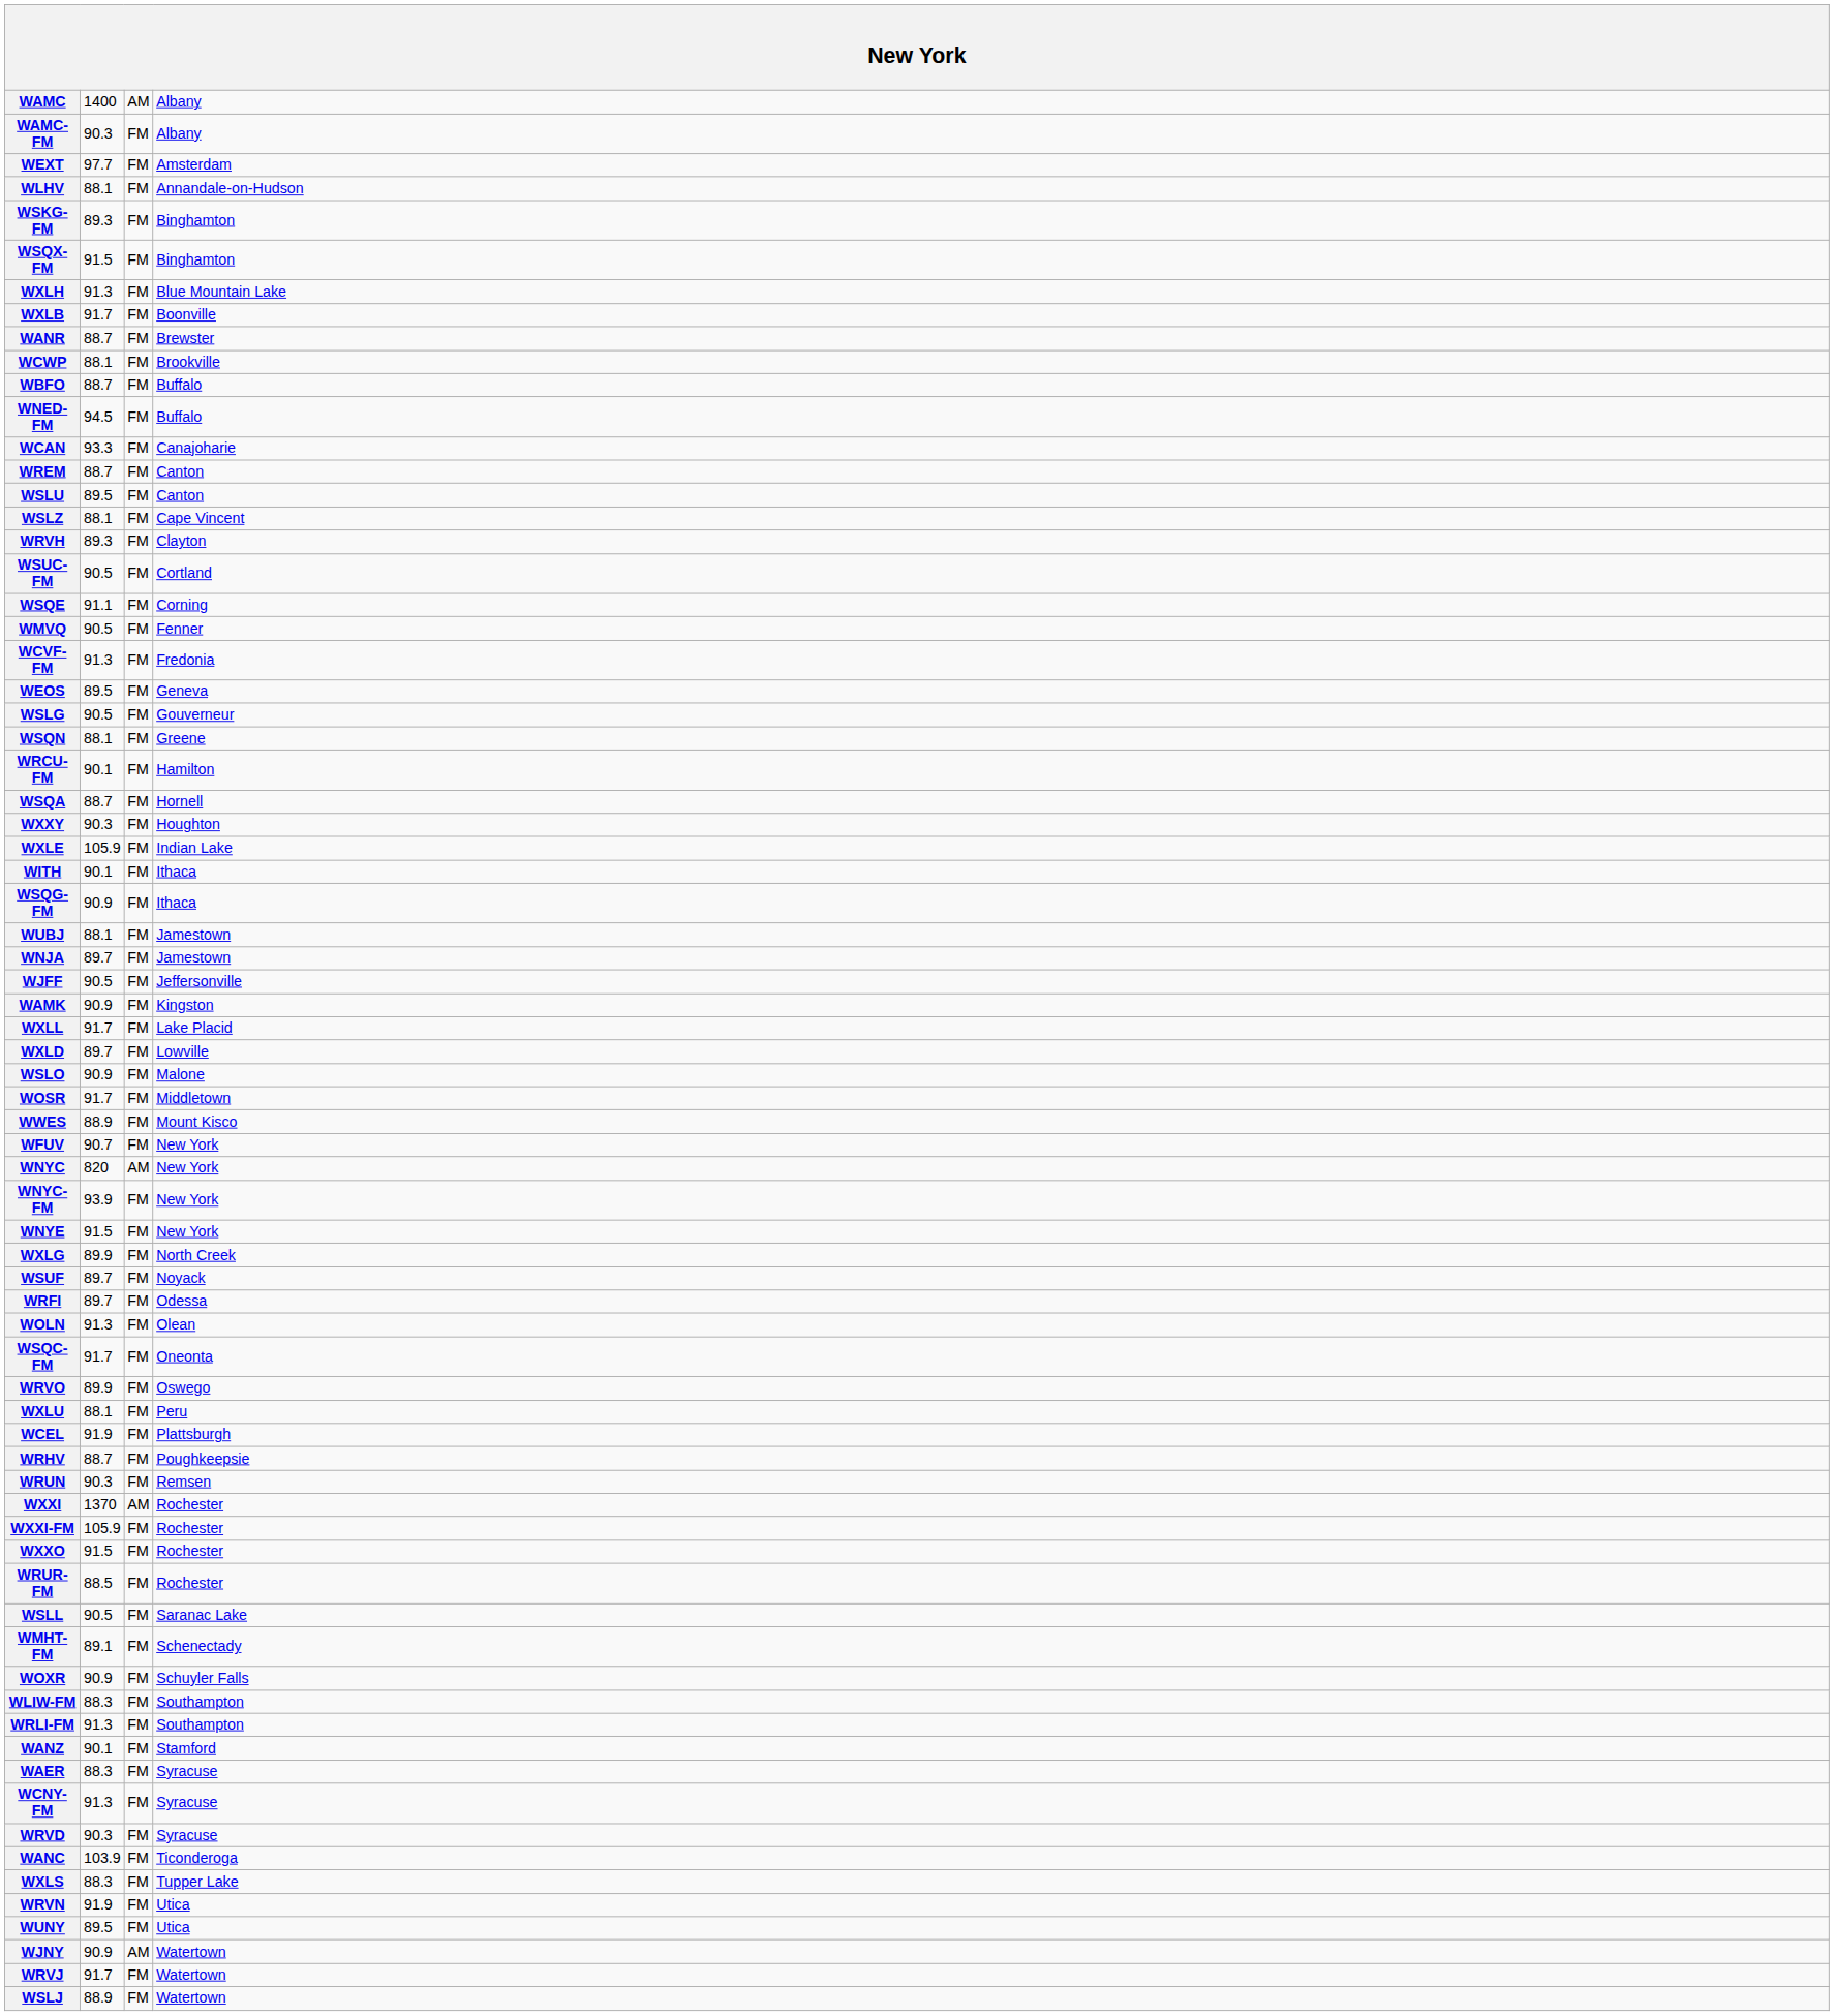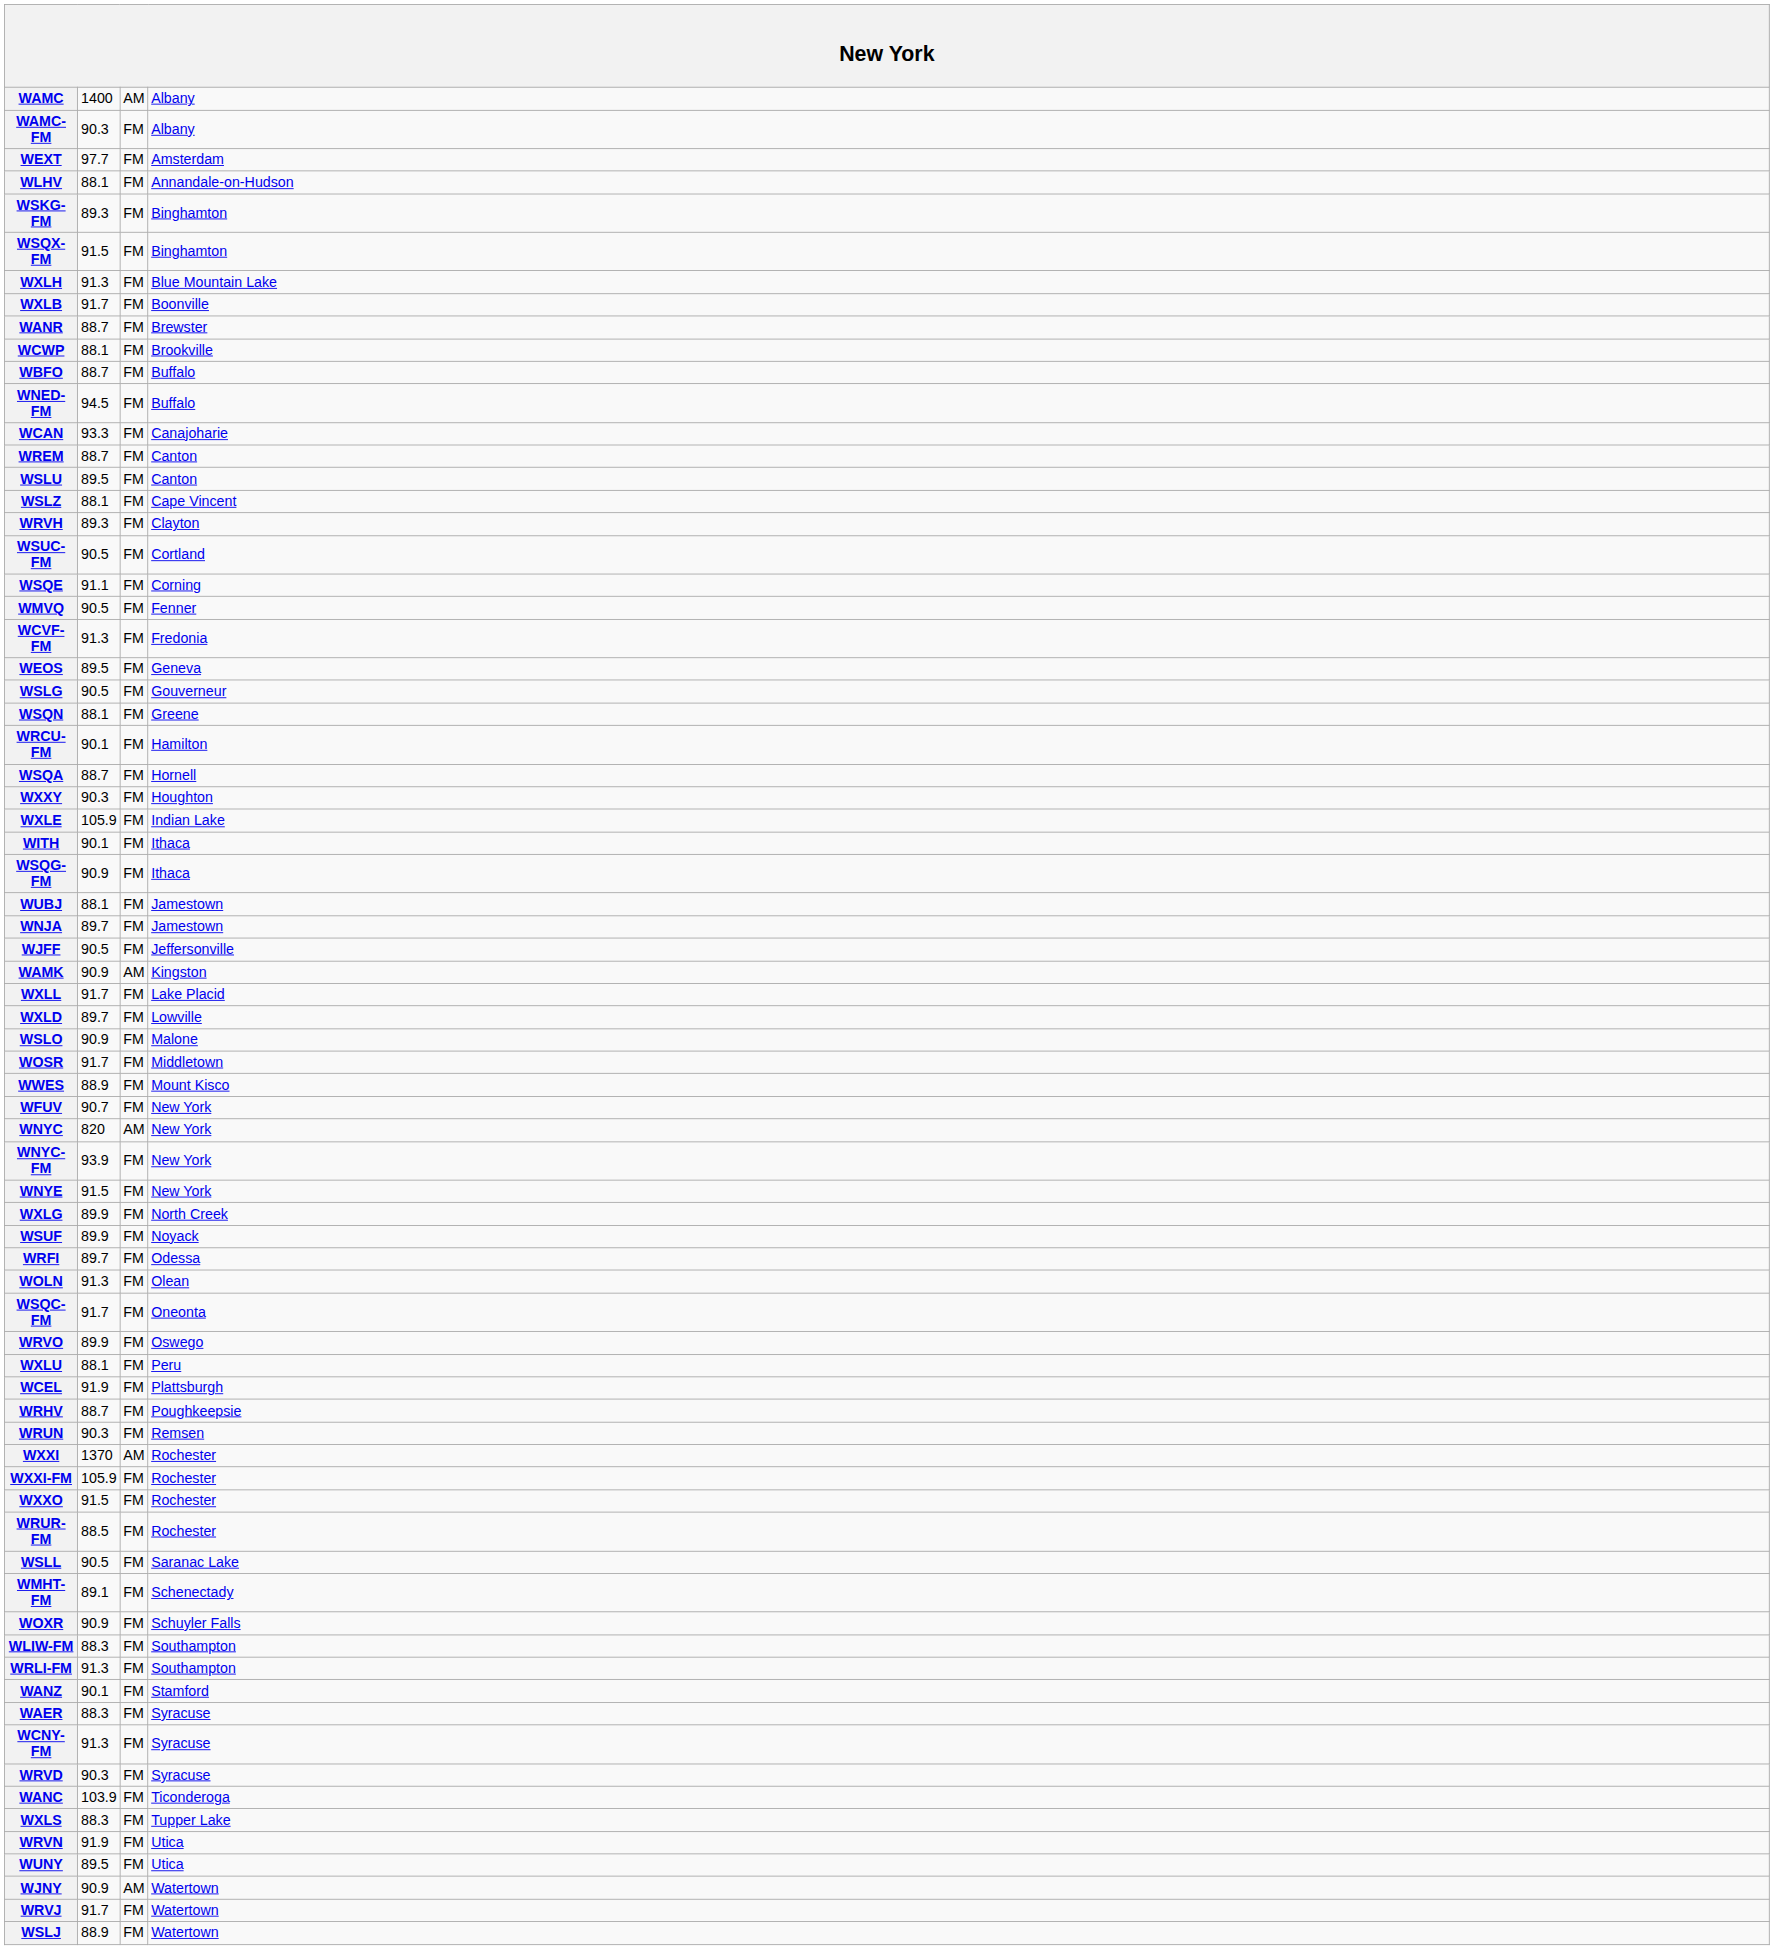 <table class="wikitable mw-collapsible" style="width:100%">
 <tr>
 <th scope="col" colspan="4"><br><h2>New York</h2></th>
 </tr>
 <tr>
 <th scope="row" style="width: 75px;"><a href='#'>WAMC</a></th>
 <td style="width: 40px;">1400</td>
 <td style="width: 21px;">AM</td>
 <td><a href='#'>Albany</a></td>
 </tr>
 <tr>
 <th scope="row"><a href='#'>WAMC-FM</a></th>
 <td>90.3</td>
 <td>FM</td>
 <td><a href='#'>Albany</a></td>
 </tr>
 <tr>
 <th scope="row"><a href='#'>WEXT</a></th>
 <td>97.7</td>
 <td>FM</td>
 <td><a href='#'>Amsterdam</a></td>
 </tr>
 <tr>
 <th scope="row"><a href='#'>WLHV</a></th>
 <td>88.1</td>
 <td>FM</td>
 <td><a href='#'>Annandale-on-Hudson</a></td>
 </tr>
 <tr>
 <th scope="row"><a href='#'>WSKG-FM</a></th>
 <td>89.3</td>
 <td>FM</td>
 <td><a href='#'>Binghamton</a></td>
 </tr>
 <tr>
 <th scope="row"><a href='#'>WSQX-FM</a></th>
 <td>91.5</td>
 <td>FM</td>
 <td><a href='#'>Binghamton</a></td>
 </tr>
 <tr>
 <th scope="row"><a href='#'>WXLH</a></th>
 <td>91.3</td>
 <td>FM</td>
 <td><a href='#'>Blue Mountain Lake</a></td>
 </tr>
 <tr>
 <th scope="row"><a href='#'>WXLB</a></th>
 <td>91.7</td>
 <td>FM</td>
 <td><a href='#'>Boonville</a></td>
 </tr>
 <tr>
 <th scope="row"><a href='#'>WANR</a></th>
 <td>88.7</td>
 <td>FM</td>
 <td><a href='#'>Brewster</a></td>
 </tr>
 <tr>
 <th scope="row"><a href='#'>WCWP</a></th>
 <td>88.1</td>
 <td>FM</td>
 <td><a href='#'>Brookville</a></td>
 </tr>
 <tr>
 <th scope="row"><a href='#'>WBFO</a></th>
 <td>88.7</td>
 <td>FM</td>
 <td><a href='#'>Buffalo</a></td>
 </tr>
 <tr>
 <th scope="row"><a href='#'>WNED-FM</a></th>
 <td>94.5</td>
 <td>FM</td>
 <td><a href='#'>Buffalo</a></td>
 </tr>
 <tr>
 <th scope="row"><a href='#'>WCAN</a></th>
 <td>93.3</td>
 <td>FM</td>
 <td><a href='#'>Canajoharie</a></td>
 </tr>
 <tr>
 <th scope="row"><a href='#'>WREM</a></th>
 <td>88.7</td>
 <td>FM</td>
 <td><a href='#'>Canton</a></td>
 </tr>
 <tr>
 <th scope="row"><a href='#'>WSLU</a></th>
 <td>89.5</td>
 <td>FM</td>
 <td><a href='#'>Canton</a></td>
 </tr>
 <tr>
 <th scope="row"><a href='#'>WSLZ</a></th>
 <td>88.1</td>
 <td>FM</td>
 <td><a href='#'>Cape Vincent</a></td>
 </tr>
 <tr>
 <th scope="row"><a href='#'>WRVH</a></th>
 <td>89.3</td>
 <td>FM</td>
 <td><a href='#'>Clayton</a></td>
 </tr>
 <tr>
 <th scope="row"><a href='#'>WSUC-FM</a></th>
 <td>90.5</td>
 <td>FM</td>
 <td><a href='#'>Cortland</a></td>
 </tr>
 <tr>
 <th scope="row"><a href='#'>WSQE</a></th>
 <td>91.1</td>
 <td>FM</td>
 <td><a href='#'>Corning</a></td>
 </tr>
 <tr>
 <th scope="row"><a href='#'>WMVQ</a></th>
 <td>90.5</td>
 <td>FM</td>
 <td><a href='#'>Fenner</a></td>
 </tr>
 <tr>
 <th scope="row"><a href='#'>WCVF-FM</a></th>
 <td>91.3</td>
 <td>FM</td>
 <td><a href='#'>Fredonia</a></td>
 </tr>
 <tr>
 <th scope="row"><a href='#'>WEOS</a></th>
 <td>89.5</td>
 <td>FM</td>
 <td><a href='#'>Geneva</a></td>
 </tr>
 <tr>
 <th scope="row"><a href='#'>WSLG</a></th>
 <td>90.5</td>
 <td>FM</td>
 <td><a href='#'>Gouverneur</a></td>
 </tr>
 <tr>
 <th scope="row"><a href='#'>WSQN</a></th>
 <td>88.1</td>
 <td>FM</td>
 <td><a href='#'>Greene</a></td>
 </tr>
 <tr>
 <th scope="row"><a href='#'>WRCU-FM</a></th>
 <td>90.1</td>
 <td>FM</td>
 <td><a href='#'>Hamilton</a></td>
 </tr>
 <tr>
 <th scope="row"><a href='#'>WSQA</a></th>
 <td>88.7</td>
 <td>FM</td>
 <td><a href='#'>Hornell</a></td>
 </tr>
 <tr>
 <th scope="row"><a href='#'>WXXY</a></th>
 <td>90.3</td>
 <td>FM</td>
 <td><a href='#'>Houghton</a></td>
 </tr>
 <tr>
 <th scope="row"><a href='#'>WXLE</a></th>
 <td>105.9</td>
 <td>FM</td>
 <td><a href='#'>Indian Lake</a></td>
 </tr>
 <tr>
 <th scope="row"><a href='#'>WITH</a></th>
 <td>90.1</td>
 <td>FM</td>
 <td><a href='#'>Ithaca</a></td>
 </tr>
 <tr>
 <th scope="row"><a href='#'>WSQG-FM</a></th>
 <td>90.9</td>
 <td>FM</td>
 <td><a href='#'>Ithaca</a></td>
 </tr>
 <tr>
 <th scope="row"><a href='#'>WUBJ</a></th>
 <td>88.1</td>
 <td>FM</td>
 <td><a href='#'>Jamestown</a></td>
 </tr>
 <tr>
 <th scope="row"><a href='#'>WNJA</a></th>
 <td>89.7</td>
 <td>FM</td>
 <td><a href='#'>Jamestown</a></td>
 </tr>
 <tr>
 <th scope="row"><a href='#'>WJFF</a></th>
 <td>90.5</td>
 <td>FM</td>
 <td><a href='#'>Jeffersonville</a></td>
 </tr>
 <tr>
 <th scope="row"><a href='#'>WAMK</a></th>
 <td>90.9</td>
-<td>FM</td>
+<td>AM</td>
 <td><a href='#'>Kingston</a></td>
 </tr>
 <tr>
 <th scope="row"><a href='#'>WXLL</a></th>
 <td>91.7</td>
 <td>FM</td>
 <td><a href='#'>Lake Placid</a></td>
 </tr>
 <tr>
 <th scope="row"><a href='#'>WXLD</a></th>
 <td>89.7</td>
 <td>FM</td>
 <td><a href='#'>Lowville</a></td>
 </tr>
 <tr>
 <th scope="row"><a href='#'>WSLO</a></th>
 <td>90.9</td>
 <td>FM</td>
 <td><a href='#'>Malone</a></td>
 </tr>
 <tr>
 <th scope="row"><a href='#'>WOSR</a></th>
 <td>91.7</td>
 <td>FM</td>
 <td><a href='#'>Middletown</a></td>
 </tr>
 <tr>
 <th scope="row"><a href='#'>WWES</a></th>
 <td>88.9</td>
 <td>FM</td>
 <td><a href='#'>Mount Kisco</a></td>
 </tr>
 <tr>
 <th scope="row"><a href='#'>WFUV</a></th>
 <td>90.7</td>
 <td>FM</td>
 <td><a href='#'>New York</a></td>
 </tr>
 <tr>
 <th scope="row"><a href='#'>WNYC</a></th>
 <td>820</td>
 <td>AM</td>
 <td><a href='#'>New York</a></td>
 </tr>
 <tr>
 <th scope="row"><a href='#'>WNYC-FM</a></th>
 <td>93.9</td>
 <td>FM</td>
 <td><a href='#'>New York</a></td>
 </tr>
 <tr>
 <th scope="row"><a href='#'>WNYE</a></th>
 <td>91.5</td>
 <td>FM</td>
 <td><a href='#'>New York</a></td>
 </tr>
 <tr>
 <th scope="row"><a href='#'>WXLG</a></th>
 <td>89.9</td>
 <td>FM</td>
 <td><a href='#'>North Creek</a></td>
 </tr>
 <tr>
 <th scope="row"><a href='#'>WSUF</a></th>
-<td>89.7</td>
+<td>89.9</td>
 <td>FM</td>
 <td><a href='#'>Noyack</a></td>
 </tr>
 <tr>
 <th scope="row"><a href='#'>WRFI</a></th>
 <td>89.7</td>
 <td>FM</td>
 <td><a href='#'>Odessa</a></td>
 </tr>
 <tr>
 <th scope="row"><a href='#'>WOLN</a></th>
 <td>91.3</td>
 <td>FM</td>
 <td><a href='#'>Olean</a></td>
 </tr>
 <tr>
 <th scope="row"><a href='#'>WSQC-FM</a></th>
 <td>91.7</td>
 <td>FM</td>
 <td><a href='#'>Oneonta</a></td>
 </tr>
 <tr>
 <th scope="row"><a href='#'>WRVO</a></th>
 <td>89.9</td>
 <td>FM</td>
 <td><a href='#'>Oswego</a></td>
 </tr>
 <tr>
 <th scope="row"><a href='#'>WXLU</a></th>
 <td>88.1</td>
 <td>FM</td>
 <td><a href='#'>Peru</a></td>
 </tr>
 <tr>
 <th scope="row"><a href='#'>WCEL</a></th>
 <td>91.9</td>
 <td>FM</td>
 <td><a href='#'>Plattsburgh</a></td>
 </tr>
 <tr>
 <th scope="row"><a href='#'>WRHV</a></th>
 <td>88.7</td>
 <td>FM</td>
 <td><a href='#'>Poughkeepsie</a></td>
 </tr>
 <tr>
 <th scope="row"><a href='#'>WRUN</a></th>
 <td>90.3</td>
 <td>FM</td>
 <td><a href='#'>Remsen</a></td>
 </tr>
 <tr>
 <th scope="row"><a href='#'>WXXI</a></th>
 <td>1370</td>
 <td>AM</td>
 <td><a href='#'>Rochester</a></td>
 </tr>
 <tr>
 <th scope="row"><a href='#'>WXXI-FM</a></th>
 <td>105.9</td>
 <td>FM</td>
 <td><a href='#'>Rochester</a></td>
 </tr>
 <tr>
 <th scope="row"><a href='#'>WXXO</a></th>
 <td>91.5</td>
 <td>FM</td>
 <td><a href='#'>Rochester</a></td>
 </tr>
 <tr>
 <th scope="row"><a href='#'>WRUR-FM</a></th>
 <td>88.5</td>
 <td>FM</td>
 <td><a href='#'>Rochester</a></td>
 </tr>
 <tr>
 <th scope="row"><a href='#'>WSLL</a></th>
 <td>90.5</td>
 <td>FM</td>
 <td><a href='#'>Saranac Lake</a></td>
 </tr>
 <tr>
 <th scope="row"><a href='#'>WMHT-FM</a></th>
 <td>89.1</td>
 <td>FM</td>
 <td><a href='#'>Schenectady</a></td>
 </tr>
 <tr>
 <th scope="row"><a href='#'>WOXR</a></th>
 <td>90.9</td>
 <td>FM</td>
 <td><a href='#'>Schuyler Falls</a></td>
 </tr>
 <tr>
 <th scope="row"><a href='#'>WLIW-FM</a></th>
 <td>88.3</td>
 <td>FM</td>
 <td><a href='#'>Southampton</a></td>
 </tr>
 <tr>
 <th scope="row"><a href='#'>WRLI-FM</a></th>
 <td>91.3</td>
 <td>FM</td>
 <td><a href='#'>Southampton</a></td>
 </tr>
 <tr>
 <th scope="row"><a href='#'>WANZ</a></th>
 <td>90.1</td>
 <td>FM</td>
 <td><a href='#'>Stamford</a></td>
 </tr>
 <tr>
 <th scope="row"><a href='#'>WAER</a></th>
 <td>88.3</td>
 <td>FM</td>
 <td><a href='#'>Syracuse</a></td>
 </tr>
 <tr>
 <th scope="row"><a href='#'>WCNY-FM</a></th>
 <td>91.3</td>
 <td>FM</td>
 <td><a href='#'>Syracuse</a></td>
 </tr>
 <tr>
 <th scope="row"><a href='#'>WRVD</a></th>
 <td>90.3</td>
 <td>FM</td>
 <td><a href='#'>Syracuse</a></td>
 </tr>
 <tr>
 <th scope="row"><a href='#'>WANC</a></th>
 <td>103.9</td>
 <td>FM</td>
 <td><a href='#'>Ticonderoga</a></td>
 </tr>
 <tr>
 <th scope="row"><a href='#'>WXLS</a></th>
 <td>88.3</td>
 <td>FM</td>
 <td><a href='#'>Tupper Lake</a></td>
 </tr>
 <tr>
 <th scope="row"><a href='#'>WRVN</a></th>
 <td>91.9</td>
 <td>FM</td>
 <td><a href='#'>Utica</a></td>
 </tr>
 <tr>
 <th scope="row"><a href='#'>WUNY</a></th>
 <td>89.5</td>
 <td>FM</td>
 <td><a href='#'>Utica</a></td>
 </tr>
 <tr>
 <th scope="row"><a href='#'>WJNY</a></th>
 <td>90.9</td>
 <td>AM</td>
 <td><a href='#'>Watertown</a></td>
 </tr>
 <tr>
 <th scope="row"><a href='#'>WRVJ</a></th>
 <td>91.7</td>
 <td>FM</td>
 <td><a href='#'>Watertown</a></td>
 </tr>
 <tr>
 <th scope="row"><a href='#'>WSLJ</a></th>
 <td>88.9</td>
 <td>FM</td>
 <td><a href='#'>Watertown</a></td>
 </tr>
 </table>
